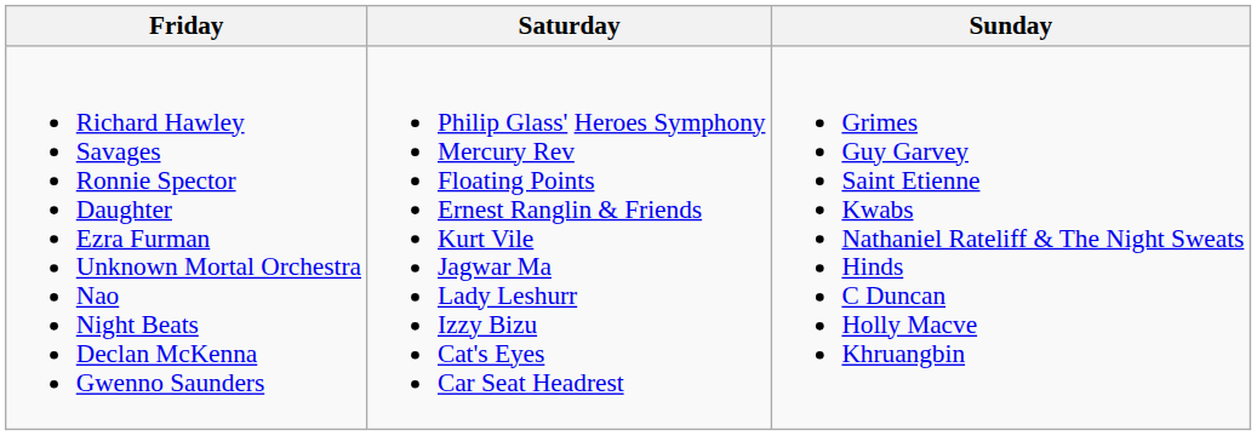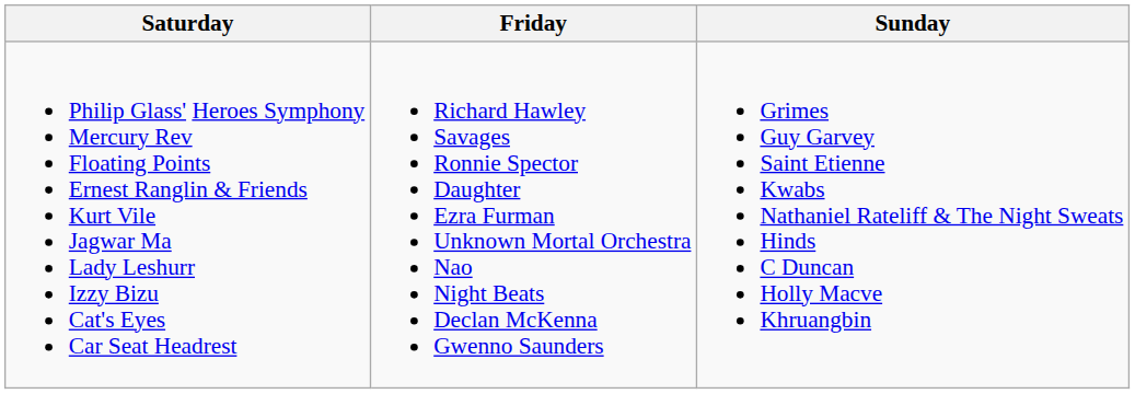 <table class="wikitable">
 <tr>
+<th>Saturday</th>
 <th>Friday</th>
-<th>Saturday</th>
 <th>Sunday</th>
 </tr>
 <tr valign="top">
+<td><br><ul><li><a href='#'>Philip Glass'</a> <a href='#'>Heroes Symphony</a></li><li><a href='#'>Mercury Rev</a></li><li><a href='#'>Floating Points</a></li><li><a href='#'>Ernest Ranglin & Friends</a></li><li><a href='#'>Kurt Vile</a></li><li><a href='#'>Jagwar Ma</a></li><li><a href='#'>Lady Leshurr</a></li><li><a href='#'>Izzy Bizu</a></li><li><a href='#'>Cat's Eyes</a></li><li><a href='#'>Car Seat Headrest</a></li></ul></td>
 <td><br><ul><li><a href='#'>Richard Hawley</a></li><li><a href='#'>Savages</a></li><li><a href='#'>Ronnie Spector</a></li><li><a href='#'>Daughter</a></li><li><a href='#'>Ezra Furman</a></li><li><a href='#'>Unknown Mortal Orchestra</a></li><li><a href='#'>Nao</a></li><li><a href='#'>Night Beats</a></li><li><a href='#'>Declan McKenna</a></li><li><a href='#'>Gwenno Saunders</a></li></ul></td>
-<td><br><ul><li><a href='#'>Philip Glass'</a> <a href='#'>Heroes Symphony</a></li><li><a href='#'>Mercury Rev</a></li><li><a href='#'>Floating Points</a></li><li><a href='#'>Ernest Ranglin & Friends</a></li><li><a href='#'>Kurt Vile</a></li><li><a href='#'>Jagwar Ma</a></li><li><a href='#'>Lady Leshurr</a></li><li><a href='#'>Izzy Bizu</a></li><li><a href='#'>Cat's Eyes</a></li><li><a href='#'>Car Seat Headrest</a></li></ul></td>
 <td><br><ul><li><a href='#'>Grimes</a></li><li><a href='#'>Guy Garvey</a></li><li><a href='#'>Saint Etienne</a></li><li><a href='#'>Kwabs</a></li><li><a href='#'>Nathaniel Rateliff & The Night Sweats</a></li><li><a href='#'>Hinds</a></li><li><a href='#'>C Duncan</a></li><li><a href='#'>Holly Macve</a></li><li><a href='#'>Khruangbin</a></li></ul></td>
 </tr>
 </table>
